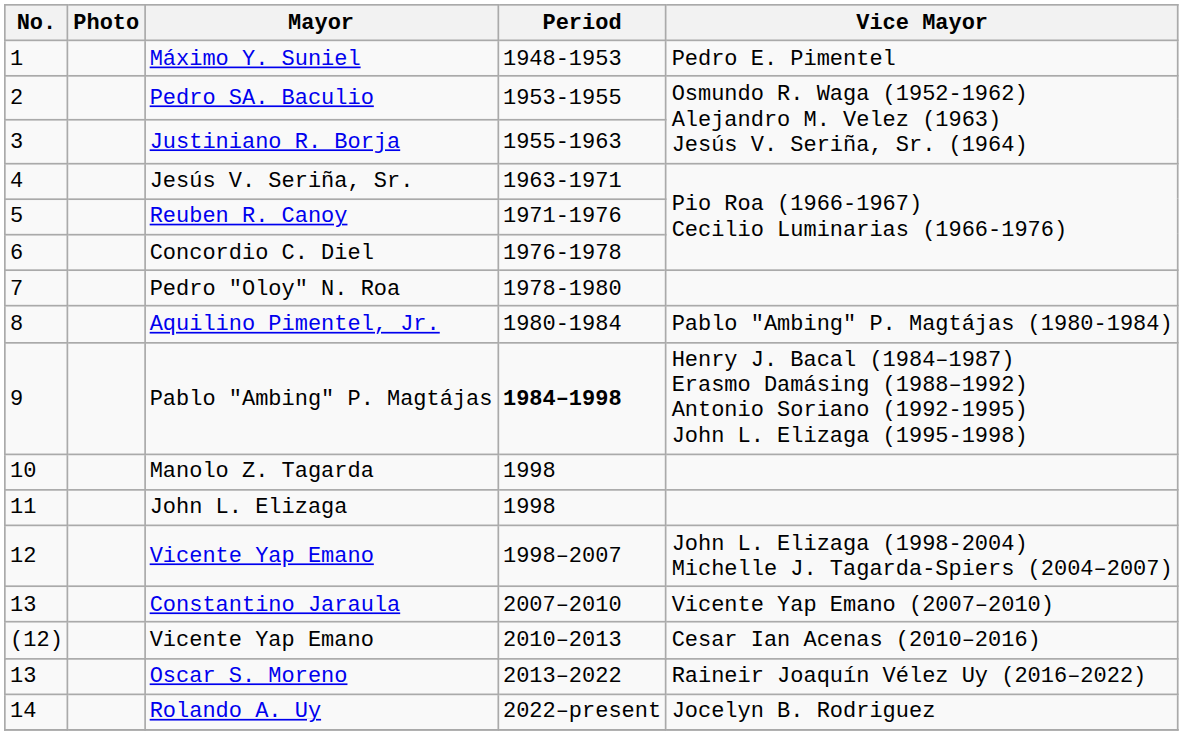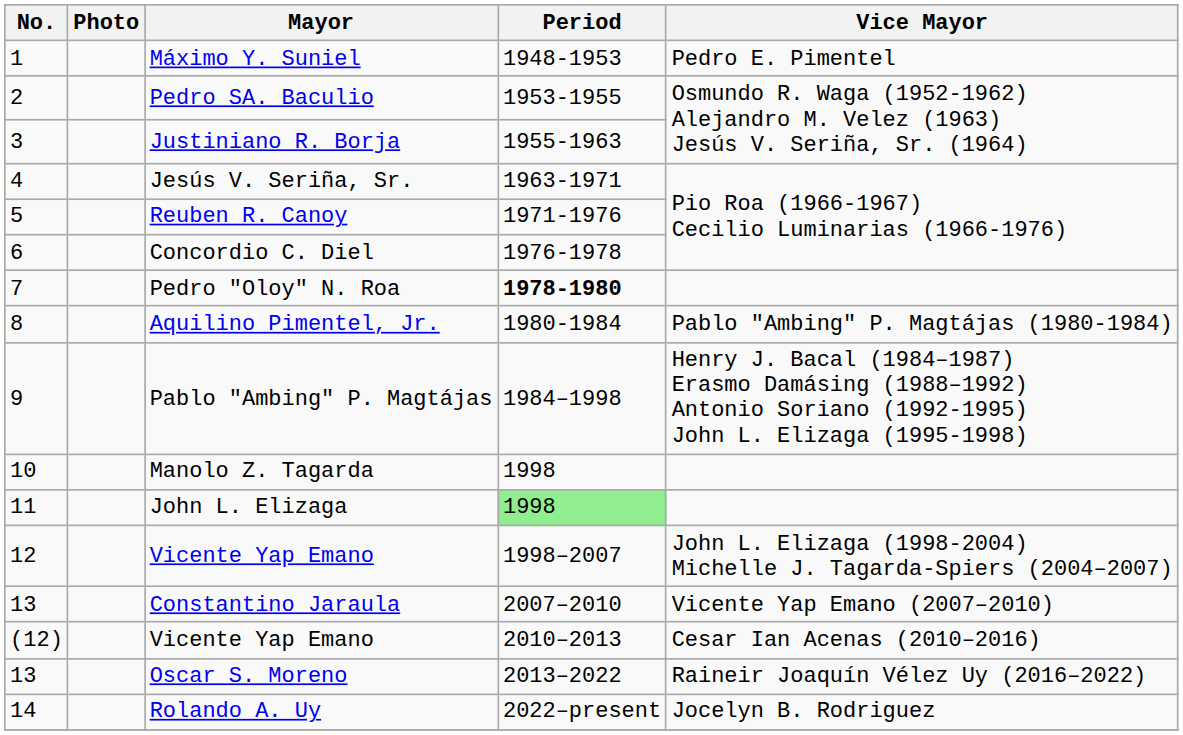 <table class="wikitable">
 <tr>
 <th>No.</th>
 <th>Photo</th>
 <th>Mayor</th>
 <th>Period</th>
 <th>Vice Mayor</th>
 </tr>
 <tr>
 <td>1</td>
 <td></td>
 <td><a href='#'>Máximo Y. Suniel</a></td>
 <td>1948-1953</td>
 <td>Pedro E. Pimentel</td>
 </tr>
 <tr>
 <td>2</td>
 <td></td>
 <td><a href='#'>Pedro SA. Baculio</a></td>
 <td>1953-1955</td>
 <td rowspan="2">Osmundo R. Waga (1952-1962)<br>Alejandro M. Velez (1963)<br>Jesús V. Seriña, Sr. (1964)</td>
 </tr>
 <tr>
 <td>3</td>
 <td></td>
 <td><a href='#'>Justiniano R. Borja</a></td>
 <td>1955-1963</td>
 </tr>
 <tr>
 <td>4</td>
 <td></td>
 <td>Jesús V. Seriña, Sr.</td>
 <td>1963-1971</td>
 <td rowspan="3">Pio Roa (1966-1967) <br> Cecilio Luminarias (1966-1976)</td>
 </tr>
 <tr>
 <td>5</td>
 <td></td>
 <td><a href='#'>Reuben R. Canoy</a></td>
 <td>1971-1976</td>
 </tr>
 <tr>
 <td>6</td>
 <td></td>
 <td>Concordio C. Diel</td>
 <td>1976-1978</td>
 </tr>
 <tr>
 <td>7</td>
 <td></td>
 <td>Pedro "Oloy" N. Roa</td>
-<td>1978-1980</td>
+<td><strong>1978-1980</strong></td>
 <td></td>
 </tr>
 <tr>
 <td>8</td>
 <td></td>
 <td><a href='#'>Aquilino Pimentel, Jr.</a></td>
 <td>1980-1984</td>
 <td>Pablo "Ambing" P. Magtájas (1980-1984)</td>
 </tr>
 <tr>
 <td>9</td>
 <td></td>
 <td>Pablo "Ambing" P. Magtájas</td>
-<td><strong>1984–1998</strong></td>
+<td>1984–1998</td>
 <td>Henry J. Bacal (1984–1987) <br>Erasmo Damásing (1988–1992) <br> Antonio Soriano (1992-1995) <br> John L. Elizaga (1995-1998)</td>
 </tr>
 <tr>
 <td>10</td>
 <td></td>
 <td>Manolo Z. Tagarda</td>
 <td>1998</td>
 <td></td>
 </tr>
 <tr>
 <td>11</td>
 <td></td>
 <td>John L. Elizaga</td>
-<td>1998</td>
+<td style="background: lightgreen;">1998</td>
 <td></td>
 </tr>
 <tr>
 <td>12</td>
 <td></td>
 <td><a href='#'>Vicente Yap Emano</a></td>
 <td>1998–2007</td>
 <td>John L. Elizaga (1998-2004) <br> Michelle J. Tagarda-Spiers (2004–2007)</td>
 </tr>
 <tr>
 <td>13</td>
 <td></td>
 <td><a href='#'>Constantino Jaraula</a></td>
 <td>2007–2010</td>
 <td>Vicente Yap Emano (2007–2010)</td>
 </tr>
 <tr>
 <td>(12)</td>
 <td></td>
 <td>Vicente Yap Emano</td>
 <td>2010–2013</td>
 <td rowspan = "2">Cesar Ian Acenas (2010–2016)</td>
 </tr>
 <tr>
 <td rowspan = "2">13</td>
 <td rowspan = "2"></td>
 <td rowspan = "2"><a href='#'>Oscar S. Moreno</a></td>
 <td rowspan = "2">2013–2022</td>
 </tr>
 <tr>
 <td>Raineir Joaquín Vélez Uy (2016–2022)</td>
 </tr>
 <tr>
 <td>14</td>
 <td></td>
 <td><a href='#'>Rolando A. Uy</a></td>
 <td>2022–present</td>
 <td>Jocelyn B. Rodriguez</td>
 </tr>
 <tr>
 </tr>
 </table>
